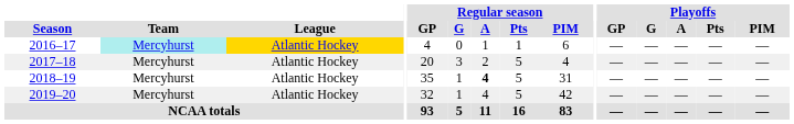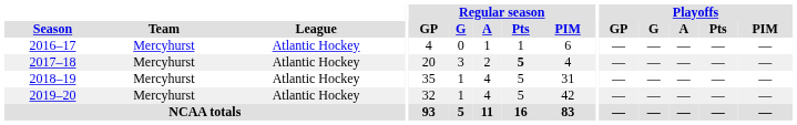 <table border="0" cellpadding="1" cellspacing="0" style="text-align:center; width:75%">
 <tr bgcolor="#e0e0e0">
 <th colspan="3" bgcolor="#ffffff"></th>
 <th rowspan="99" bgcolor="#ffffff"></th>
 <th colspan="5"><a href='#'>Regular season</a></th>
 <th rowspan="99" bgcolor="#ffffff"></th>
 <th colspan="5"><a href='#'>Playoffs</a></th>
 </tr>
 <tr bgcolor="#e0e0e0">
 <th><a href='#'>Season</a></th>
 <th>Team</th>
 <th>League</th>
 <th>GP</th>
 <th><a href='#'>G</a></th>
 <th><a href='#'>A</a></th>
 <th><a href='#'>Pts</a></th>
 <th><a href='#'>PIM</a></th>
 <th>GP</th>
 <th>G</th>
 <th>A</th>
 <th>Pts</th>
 <th>PIM</th>
 </tr>
 <tr ALIGN="center">
 <td><a href='#'>2016–17</a></td>
-<td style="background: paleturquoise;"><a href='#'>Mercyhurst</a></td>
-<td style="background: gold;"><a href='#'>Atlantic Hockey</a></td>
+<td><a href='#'>Mercyhurst</a></td>
+<td><a href='#'>Atlantic Hockey</a></td>
 <td>4</td>
 <td>0</td>
 <td>1</td>
 <td>1</td>
 <td>6</td>
 <td>—</td>
 <td>—</td>
 <td>—</td>
 <td>—</td>
 <td>—</td>
 </tr>
 <tr ALIGN="center" bgcolor="#f0f0f0">
 <td><a href='#'>2017–18</a></td>
 <td>Mercyhurst</td>
 <td>Atlantic Hockey</td>
 <td>20</td>
 <td>3</td>
 <td>2</td>
-<td>5</td>
+<td><strong>5</strong></td>
 <td>4</td>
 <td>—</td>
 <td>—</td>
 <td>—</td>
 <td>—</td>
 <td>—</td>
 </tr>
 <tr ALIGN="center">
 <td><a href='#'>2018–19</a></td>
 <td>Mercyhurst</td>
 <td>Atlantic Hockey</td>
 <td>35</td>
 <td>1</td>
-<td><strong>4</strong></td>
+<td>4</td>
 <td>5</td>
 <td>31</td>
 <td>—</td>
 <td>—</td>
 <td>—</td>
 <td>—</td>
 <td>—</td>
 </tr>
 <tr ALIGN="center" bgcolor="#f0f0f0">
 <td><a href='#'>2019–20</a></td>
 <td>Mercyhurst</td>
 <td>Atlantic Hockey</td>
 <td>32</td>
 <td>1</td>
 <td>4</td>
 <td>5</td>
 <td>42</td>
 <td>—</td>
 <td>—</td>
 <td>—</td>
 <td>—</td>
 <td>—</td>
 </tr>
 <tr bgcolor="#e0e0e0">
 <th colspan="3">NCAA totals</th>
 <th>93</th>
 <th>5</th>
 <th>11</th>
 <th>16</th>
 <th>83</th>
 <th>—</th>
 <th>—</th>
 <th>—</th>
 <th>—</th>
 <th>—</th>
 </tr>
 </table>
